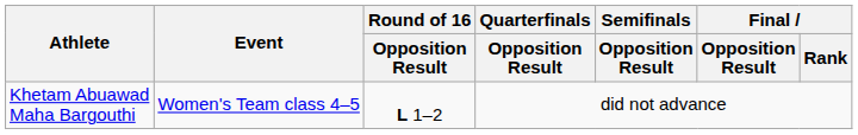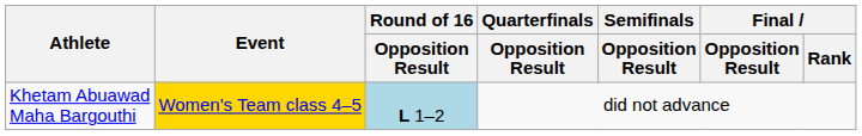 <table class=wikitable style="font-size:90%">
 <tr>
 <th rowspan="2">Athlete</th>
 <th rowspan="2">Event</th>
 <th>Round of 16</th>
 <th>Quarterfinals</th>
 <th>Semifinals</th>
 <th colspan="2">Final / </th>
 </tr>
 <tr>
 <th>Opposition<br>Result</th>
 <th>Opposition<br>Result</th>
 <th>Opposition<br>Result</th>
 <th>Opposition<br>Result</th>
 <th>Rank</th>
 </tr>
 <tr align=center>
 <td align=left><a href='#'>Khetam Abuawad</a><br><a href='#'>Maha Bargouthi</a></td>
-<td align=left><a href='#'> Women's Team class 4–5</a></td>
-<td><br><strong>L</strong> 1–2</td>
+<td align=left style="background: gold;"><a href='#'> Women's Team class 4–5</a></td>
+<td style="background: lightblue;"><br><strong>L</strong> 1–2</td>
 <td colspan=4>did not advance</td>
 </tr>
 </table>
